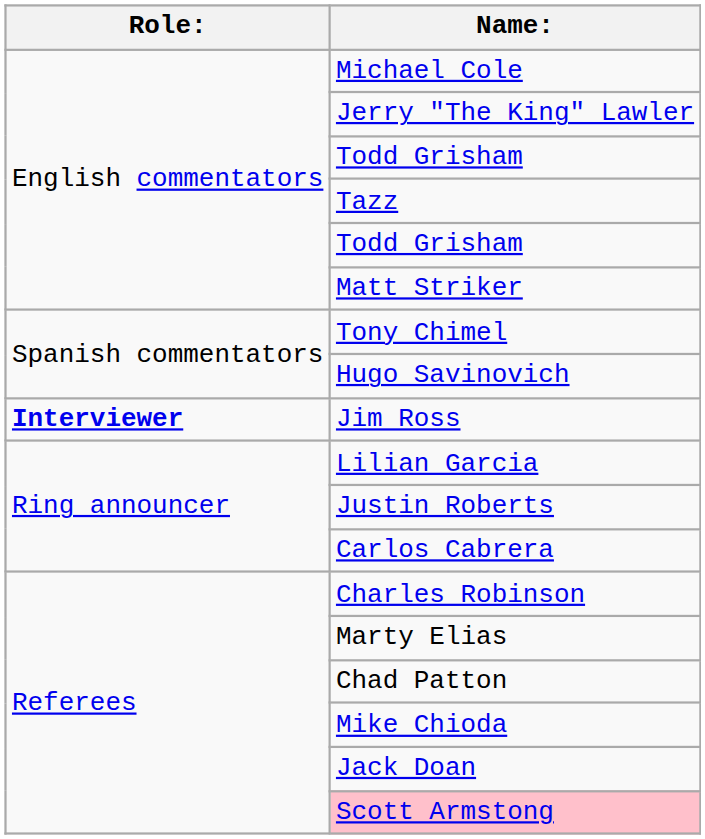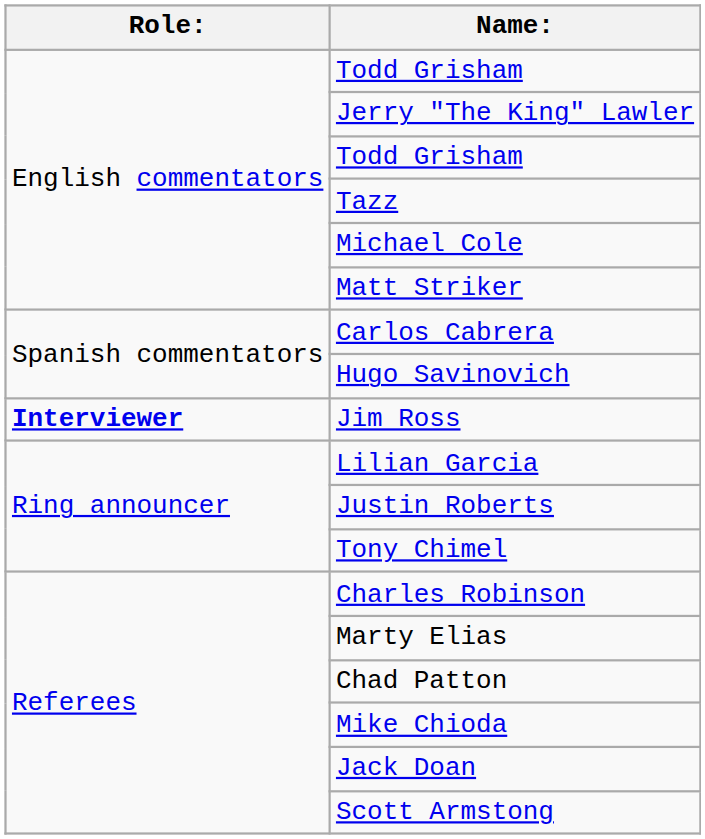 <table class=wikitable style="font-size:90%; margin: 0.5em 0 0.5em 1em; float: right; clear: right;">
 <tr>
 <th>Role:</th>
 <th>Name:</th>
 </tr>
 <tr>
 <td rowspan=6>English <a href='#'>commentators</a></td>
-<td><a href='#'>Michael Cole</a> </td>
+<td><a href='#'>Todd Grisham</a> </td>
 </tr>
 <tr>
 <td><a href='#'>Jerry "The King" Lawler</a> </td>
 </tr>
 <tr>
 <td><a href='#'>Todd Grisham</a></td>
 </tr>
 <tr>
 <td><a href='#'>Tazz</a> </td>
 </tr>
 <tr>
-<td><a href='#'>Todd Grisham</a> </td>
+<td><a href='#'>Michael Cole</a> </td>
 </tr>
 <tr>
 <td><a href='#'>Matt Striker</a> </td>
 </tr>
 <tr>
 <td rowspan=2>Spanish commentators</td>
-<td><a href='#'>Tony Chimel</a> </td>
+<td><a href='#'>Carlos Cabrera</a></td>
 </tr>
 <tr>
 <td><a href='#'>Hugo Savinovich</a></td>
 </tr>
 <tr>
 <td><strong><a href='#'>Interviewer</a></strong></td>
 <td><a href='#'>Jim Ross</a> </td>
 </tr>
 <tr>
 <td rowspan=3><a href='#'>Ring announcer</a></td>
 <td><a href='#'>Lilian Garcia</a> </td>
 </tr>
 <tr>
 <td><a href='#'>Justin Roberts</a> </td>
 </tr>
 <tr>
-<td><a href='#'>Carlos Cabrera</a></td>
+<td><a href='#'>Tony Chimel</a> </td>
 </tr>
 <tr>
 <td rowspan=6><a href='#'>Referees</a></td>
 <td><a href='#'>Charles Robinson</a></td>
 </tr>
 <tr>
 <td>Marty Elias</td>
 </tr>
 <tr>
 <td>Chad Patton</td>
 </tr>
 <tr>
 <td><a href='#'>Mike Chioda</a></td>
 </tr>
 <tr>
 <td><a href='#'>Jack Doan</a></td>
 </tr>
 <tr>
-<td style="background: pink;"><a href='#'>Scott Armstong</a></td>
+<td><a href='#'>Scott Armstong</a></td>
 </tr>
 </table>
